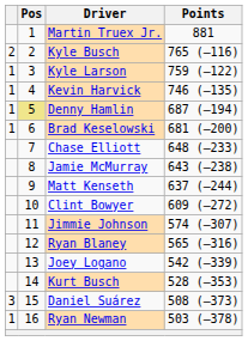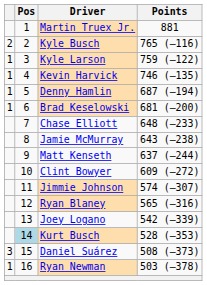 <table class="wikitable" style="font-size: 95%">
 <tr>
 <th></th>
 <th>Pos</th>
 <th>Driver</th>
 <th>Points</th>
 </tr>
 <tr>
 <td align="left"></td>
 <td style="text-align:center;">1</td>
 <td style="background:#FFDEAD;"><a href='#'>Martin Truex Jr.</a></td>
 <td style="text-align:center;">881</td>
 </tr>
 <tr>
 <td align="left"> 2</td>
 <td style="text-align:center;">2</td>
 <td style="background:#FFDEAD;"><a href='#'>Kyle Busch</a></td>
 <td style="text-align:center;">765 (–116)</td>
 </tr>
 <tr>
 <td align="left"> 1</td>
 <td style="text-align:center;">3</td>
 <td style="background:#FFDEAD;"><a href='#'>Kyle Larson</a></td>
 <td style="text-align:center;">759 (–122)</td>
 </tr>
 <tr>
 <td align="left"> 1</td>
 <td style="text-align:center;">4</td>
 <td style="background:#FFDEAD;"><a href='#'>Kevin Harvick</a></td>
 <td style="text-align:center;">746 (–135)</td>
 </tr>
 <tr>
 <td align="left"> 1</td>
-<td style="background: khaki; text-align:center;">5</td>
+<td style="text-align:center;">5</td>
 <td style="background:#FFDEAD;"><a href='#'>Denny Hamlin</a></td>
 <td style="text-align:center;">687 (–194)</td>
 </tr>
 <tr>
 <td align="left"> 1</td>
 <td style="text-align:center;">6</td>
 <td style="background:#FFDEAD;"><a href='#'>Brad Keselowski</a></td>
 <td style="text-align:center;">681 (–200)</td>
 </tr>
 <tr>
 <td align="left"></td>
 <td style="text-align:center;">7</td>
 <td><a href='#'>Chase Elliott</a></td>
 <td style="text-align:center;">648 (–233)</td>
 </tr>
 <tr>
 <td align="left"></td>
 <td style="text-align:center;">8</td>
 <td><a href='#'>Jamie McMurray</a></td>
 <td style="text-align:center;">643 (–238)</td>
 </tr>
 <tr>
 <td align="left"></td>
 <td style="text-align:center;">9</td>
 <td><a href='#'>Matt Kenseth</a></td>
 <td style="text-align:center;">637 (–244)</td>
 </tr>
 <tr>
 <td align="left"></td>
 <td style="text-align:center;">10</td>
 <td><a href='#'>Clint Bowyer</a></td>
 <td style="text-align:center;">609 (–272)</td>
 </tr>
 <tr>
 <td align="left"></td>
 <td style="text-align:center;">11</td>
 <td style="background:#FFDEAD;"><a href='#'>Jimmie Johnson</a></td>
 <td style="text-align:center;">574 (–307)</td>
 </tr>
 <tr>
 <td align="left"></td>
 <td style="text-align:center;">12</td>
 <td style="background:#FFDEAD;"><a href='#'>Ryan Blaney</a></td>
 <td style="text-align:center;">565 (–316)</td>
 </tr>
 <tr>
 <td align="left"></td>
 <td style="text-align:center;">13</td>
 <td><a href='#'>Joey Logano</a></td>
 <td style="text-align:center;">542 (–339)</td>
 </tr>
 <tr>
 <td align="left"></td>
-<td style="text-align:center;">14</td>
+<td style="background: lightblue; text-align:center;">14</td>
 <td style="background:#FFDEAD;"><a href='#'>Kurt Busch</a></td>
 <td style="text-align:center;">528 (–353)</td>
 </tr>
 <tr>
 <td align="left"> 3</td>
 <td style="text-align:center;">15</td>
 <td><a href='#'>Daniel Suárez</a></td>
 <td style="text-align:center;">508 (–373)</td>
 </tr>
 <tr>
 <td align="left"> 1</td>
 <td style="text-align:center;">16</td>
 <td style="background:#FFDEAD;"><a href='#'>Ryan Newman</a></td>
 <td style="text-align:center;">503 (–378)</td>
 </tr>
 <tr class="sortbottom">
 <th colspan="9"></th>
 </tr>
 </table>
